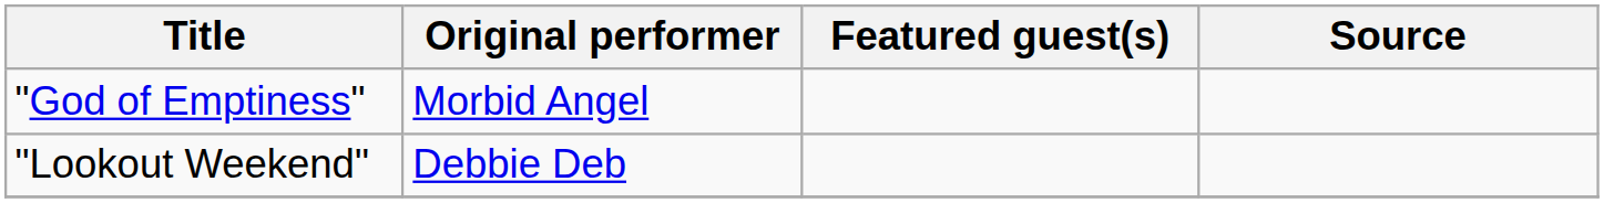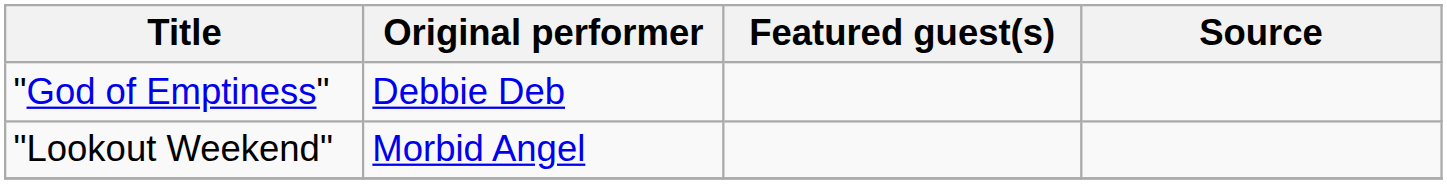 <table class="wikitable">
 <tr>
 <th align="center" width="150">Title</th>
 <th align="center" width="150">Original performer</th>
 <th align="center" width="150">Featured guest(s)</th>
 <th align="center" width="150">Source</th>
 </tr>
 <tr>
 <td>"<a href='#'>God of Emptiness</a>"</td>
-<td><a href='#'>Morbid Angel</a></td>
+<td><a href='#'>Debbie Deb</a></td>
 <td></td>
 <td></td>
 </tr>
 <tr>
 <td>"Lookout Weekend"</td>
-<td><a href='#'>Debbie Deb</a></td>
+<td><a href='#'>Morbid Angel</a></td>
 <td></td>
 <td></td>
 </tr>
 <tr>
 </tr>
 </table>
